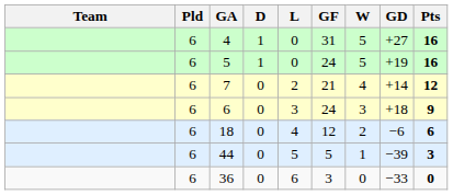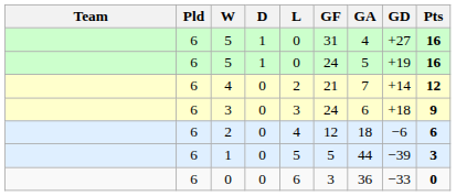 <table class=wikitable style="text-align:center">
 <tr>
 <th width="180">Team</th>
 <th width="30">Pld</th>
-<th width="30">GA</th>
+<th width="30">W</th>
 <th width="30">D</th>
 <th width="30">L</th>
 <th width="30">GF</th>
-<th width="30">W</th>
+<th width="30">GA</th>
 <th width="30">GD</th>
 <th width="30">Pts</th>
 </tr>
 <tr bgcolor=ccffcc>
 <td align=left></td>
 <td>6</td>
-<td>4</td>
+<td>5</td>
 <td>1</td>
 <td>0</td>
 <td>31</td>
-<td>5</td>
+<td>4</td>
 <td>+27</td>
 <td><strong>16</strong></td>
 </tr>
 <tr bgcolor=ccffcc>
 <td align=left></td>
 <td>6</td>
 <td>5</td>
 <td>1</td>
 <td>0</td>
 <td>24</td>
 <td>5</td>
 <td>+19</td>
 <td><strong>16</strong></td>
 </tr>
 <tr bgcolor="#ffffcc">
 <td align=left></td>
 <td>6</td>
-<td>7</td>
+<td>4</td>
 <td>0</td>
 <td>2</td>
 <td>21</td>
-<td>4</td>
+<td>7</td>
 <td>+14</td>
 <td><strong>12</strong></td>
 </tr>
 <tr bgcolor="#ffffcc">
 <td align=left></td>
 <td>6</td>
-<td>6</td>
+<td>3</td>
 <td>0</td>
 <td>3</td>
 <td>24</td>
-<td>3</td>
+<td>6</td>
 <td>+18</td>
 <td><strong>9</strong></td>
 </tr>
 <tr bgcolor=dfefff>
 <td align=left></td>
 <td>6</td>
-<td>18</td>
+<td>2</td>
 <td>0</td>
 <td>4</td>
 <td>12</td>
-<td>2</td>
+<td>18</td>
 <td>−6</td>
 <td><strong>6</strong></td>
 </tr>
 <tr bgcolor=dfefff>
 <td align=left></td>
 <td>6</td>
-<td>44</td>
+<td>1</td>
 <td>0</td>
 <td>5</td>
 <td>5</td>
-<td>1</td>
+<td>44</td>
 <td>−39</td>
 <td><strong>3</strong></td>
 </tr>
 <tr>
 <td align=left></td>
 <td>6</td>
-<td>36</td>
+<td>0</td>
 <td>0</td>
 <td>6</td>
 <td>3</td>
-<td>0</td>
+<td>36</td>
 <td>−33</td>
 <td><strong>0</strong></td>
 </tr>
 </table>
